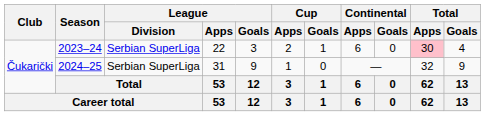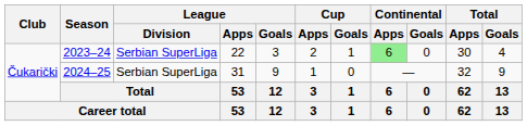 <table class="wikitable" style="text-align:center">
 <tr>
 <th rowspan="2">Club</th>
 <th rowspan="2">Season</th>
 <th colspan="3">League</th>
 <th colspan="2">Cup</th>
 <th colspan="2">Continental</th>
 <th colspan="2">Total</th>
 </tr>
 <tr>
 <th>Division</th>
 <th>Apps</th>
 <th>Goals</th>
 <th>Apps</th>
 <th>Goals</th>
 <th>Apps</th>
 <th>Goals</th>
 <th>Apps</th>
 <th>Goals</th>
 </tr>
 <tr>
 <td rowspan="3"><a href='#'>Čukarički</a></td>
 <td><a href='#'>2023–24</a></td>
 <td><a href='#'>Serbian SuperLiga</a></td>
 <td>22</td>
 <td>3</td>
 <td>2</td>
 <td>1</td>
-<td>6</td>
+<td style="background: lightgreen;">6</td>
 <td>0</td>
-<td style="background: pink;">30</td>
+<td>30</td>
 <td>4</td>
 </tr>
 <tr>
 <td><a href='#'>2024–25</a></td>
 <td>Serbian SuperLiga</td>
 <td>31</td>
 <td>9</td>
 <td>1</td>
 <td>0</td>
 <td colspan="2">—</td>
 <td>32</td>
 <td>9</td>
 </tr>
 <tr>
 <th colspan="2">Total</th>
 <th>53</th>
 <th>12</th>
 <th>3</th>
 <th>1</th>
 <th>6</th>
 <th>0</th>
 <th>62</th>
 <th>13</th>
 </tr>
 <tr>
 <th colspan="3">Career total</th>
 <th>53</th>
 <th>12</th>
 <th>3</th>
 <th>1</th>
 <th>6</th>
 <th>0</th>
 <th>62</th>
 <th>13</th>
 </tr>
 </table>
